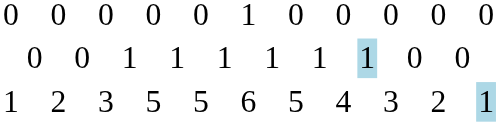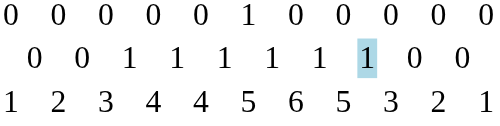 <table>
 <tr>
 <td>0</td>
 <td></td>
 <td>0</td>
 <td></td>
 <td>0</td>
 <td></td>
 <td>0</td>
 <td></td>
 <td>0</td>
 <td></td>
 <td>1</td>
 <td></td>
 <td>0</td>
 <td></td>
 <td>0</td>
 <td></td>
 <td>0</td>
 <td></td>
 <td>0</td>
 <td></td>
 <td>0</td>
 </tr>
 <tr>
 <td></td>
 <td>0</td>
 <td></td>
 <td>0</td>
 <td></td>
 <td>1</td>
 <td></td>
 <td>1</td>
 <td></td>
 <td>1</td>
 <td></td>
 <td>1</td>
 <td></td>
 <td>1</td>
 <td></td>
 <td style="background: lightblue;">1</td>
 <td></td>
 <td>0</td>
 <td></td>
 <td>0</td>
 <td></td>
 </tr>
 <tr>
 <td>1</td>
 <td></td>
 <td>2</td>
 <td></td>
 <td>3</td>
 <td></td>
-<td>5</td>
+<td>4</td>
+<td></td>
+<td>4</td>
 <td></td>
 <td>5</td>
 <td></td>
 <td>6</td>
 <td></td>
 <td>5</td>
 <td></td>
-<td>4</td>
-<td></td>
 <td>3</td>
 <td></td>
 <td>2</td>
 <td></td>
-<td style="background: lightblue;">1</td>
+<td>1</td>
 </tr>
 </table>
